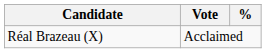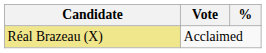 <table class="wikitable">
 <tr>
 <th bgcolor="#DDDDFF" width="200px">Candidate</th>
 <th bgcolor="#DDDDFF" width="50px">Vote</th>
 <th bgcolor="#DDDDFF" width="30px">%</th>
 </tr>
 <tr>
-<td>Réal Brazeau (X)</td>
+<td style="background: khaki;">Réal Brazeau (X)</td>
 <td colspan="2">Acclaimed</td>
 </tr>
 </table>
